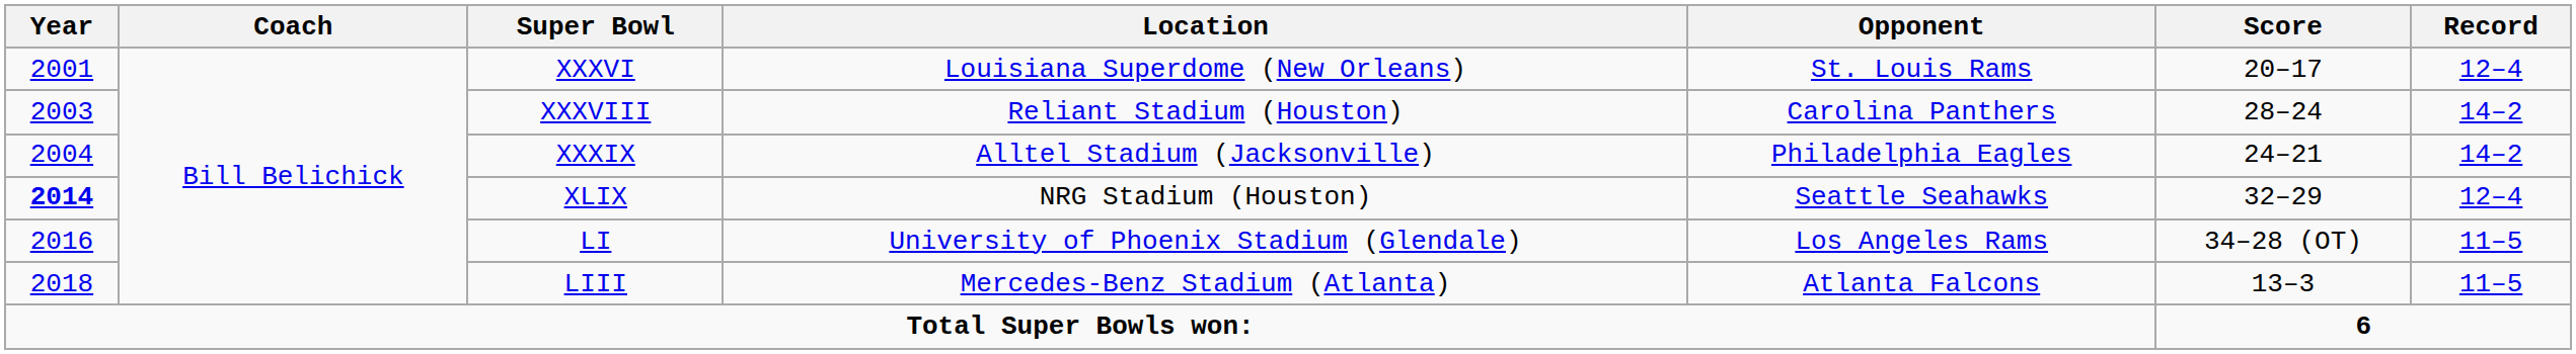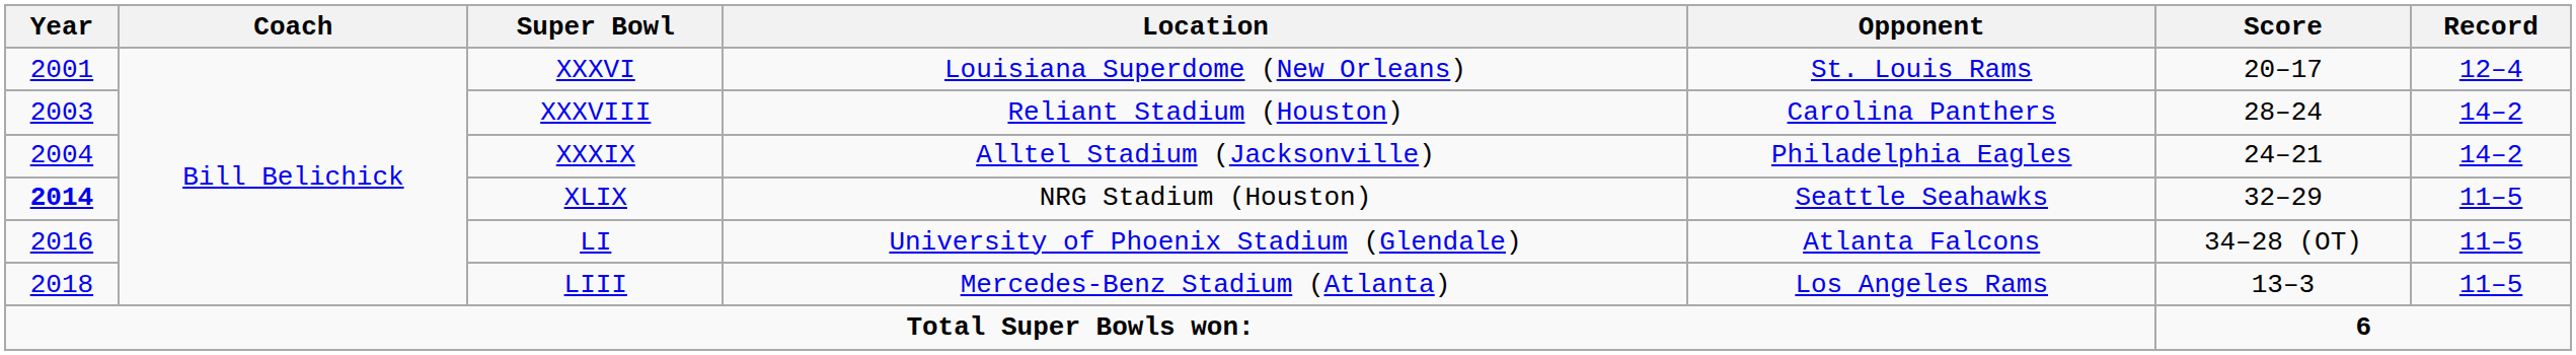 <table class="wikitable" style="width:80%;text-align:center">
 <tr>
 <th>Year</th>
 <th>Coach</th>
 <th>Super Bowl</th>
 <th>Location</th>
 <th>Opponent</th>
 <th>Score</th>
 <th>Record</th>
 </tr>
 <tr>
 <td><a href='#'>2001</a></td>
 <td rowspan="6"><a href='#'>Bill Belichick</a></td>
 <td><a href='#'>XXXVI</a></td>
 <td><a href='#'>Louisiana Superdome</a> (<a href='#'>New Orleans</a>)</td>
 <td><a href='#'>St. Louis Rams</a></td>
 <td>20–17</td>
 <td><a href='#'>12–4</a></td>
 </tr>
 <tr>
 <td><a href='#'>2003</a></td>
 <td><a href='#'>XXXVIII</a></td>
 <td><a href='#'>Reliant Stadium</a> (<a href='#'>Houston</a>)</td>
 <td><a href='#'>Carolina Panthers</a></td>
 <td>28–24</td>
 <td><a href='#'>14–2</a></td>
 </tr>
 <tr>
 <td><a href='#'>2004</a></td>
 <td><a href='#'>XXXIX</a></td>
 <td><a href='#'>Alltel Stadium</a> (<a href='#'>Jacksonville</a>)</td>
 <td><a href='#'>Philadelphia Eagles</a></td>
 <td>24–21</td>
 <td><a href='#'>14–2</a></td>
 </tr>
 <tr>
 <td><strong><a href='#'>2014</a></strong></td>
 <td><a href='#'>XLIX</a></td>
 <td>NRG Stadium (Houston)</td>
 <td><a href='#'>Seattle Seahawks</a></td>
 <td>32–29</td>
-<td><a href='#'>12–4</a></td>
+<td><a href='#'>11–5</a></td>
 </tr>
 <tr>
 <td><a href='#'>2016</a></td>
 <td><a href='#'>LI</a></td>
 <td><a href='#'>University of Phoenix Stadium</a> (<a href='#'>Glendale</a>)</td>
-<td><a href='#'>Los Angeles Rams</a></td>
+<td><a href='#'>Atlanta Falcons</a></td>
 <td>34–28 (OT)</td>
 <td><a href='#'>11–5</a></td>
 </tr>
 <tr>
 <td><a href='#'>2018</a></td>
 <td><a href='#'>LIII</a></td>
 <td><a href='#'>Mercedes-Benz Stadium</a> (<a href='#'>Atlanta</a>)</td>
-<td><a href='#'>Atlanta Falcons</a></td>
+<td><a href='#'>Los Angeles Rams</a></td>
 <td>13–3</td>
 <td><a href='#'>11–5</a></td>
 </tr>
 <tr>
 <td colspan="5"><strong>Total Super Bowls won:</strong></td>
 <td colspan="2"><strong>6</strong></td>
 </tr>
 </table>
